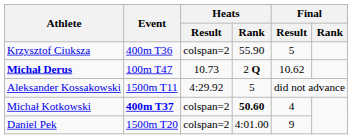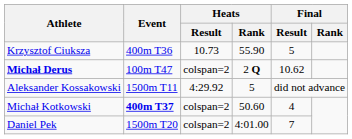 <table class=wikitable style="font-size:90%">
 <tr>
 <th rowspan="2">Athlete</th>
 <th rowspan="2">Event</th>
 <th colspan="2">Heats</th>
 <th colspan="2">Final</th>
 </tr>
 <tr>
 <th>Result</th>
 <th>Rank</th>
 <th>Result</th>
 <th>Rank</th>
 </tr>
 <tr align=center>
 <td align=left><a href='#'>Krzysztof Ciuksza</a></td>
 <td align=left><a href='#'>400m T36</a></td>
-<td>colspan=2 </td>
+<td>10.73</td>
 <td>55.90</td>
 <td>5</td>
 </tr>
 <tr align=center>
 <td align=left><strong><a href='#'>Michał Derus</a></strong></td>
 <td align=left><a href='#'>100m T47</a></td>
-<td>10.73</td>
+<td>colspan=2 </td>
 <td>2 <strong>Q</strong></td>
 <td>10.62</td>
 <td></td>
 </tr>
 <tr align=center>
 <td align=left><a href='#'>Aleksander Kossakowski</a></td>
 <td align=left><a href='#'>1500m T11</a></td>
 <td>4:29.92</td>
 <td>5</td>
 <td colspan=2>did not advance</td>
 </tr>
 <tr align=center>
 <td align=left><a href='#'>Michał Kotkowski</a></td>
 <td align=left><strong><a href='#'>400m T37</a></strong></td>
 <td>colspan=2 </td>
-<td><strong>50.60</strong></td>
+<td>50.60</td>
 <td>4</td>
 </tr>
 <tr align=center>
 <td align=left><a href='#'>Daniel Pek</a></td>
 <td align=left><a href='#'>1500m T20</a></td>
 <td>colspan=2 </td>
 <td>4:01.00</td>
-<td>9</td>
+<td>7</td>
 </tr>
 </table>
